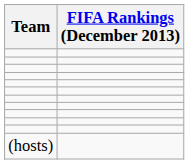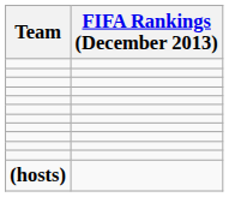 <table class="wikitable sortable" style="text-align: left;">
 <tr>
 <th>Team</th>
 <th><a href='#'>FIFA Rankings</a><br>(December 2013)</th>
 </tr>
 <tr>
 <td></td>
 <td></td>
 </tr>
 <tr>
 <td></td>
 <td></td>
 </tr>
 <tr>
 <td></td>
 <td></td>
 </tr>
 <tr>
 <td></td>
 <td></td>
 </tr>
 <tr>
 <td></td>
 <td></td>
 </tr>
 <tr>
 <td></td>
 <td></td>
 </tr>
 <tr>
 <td></td>
 <td></td>
 </tr>
 <tr>
 <td></td>
 <td></td>
 </tr>
 <tr>
 <td></td>
 <td></td>
 </tr>
 <tr>
 <td></td>
 <td></td>
 </tr>
 <tr>
 <td></td>
 <td></td>
 </tr>
 <tr>
-<td> (hosts)</td>
+<td><strong> (hosts)</strong></td>
 <td></td>
 </tr>
 </table>
